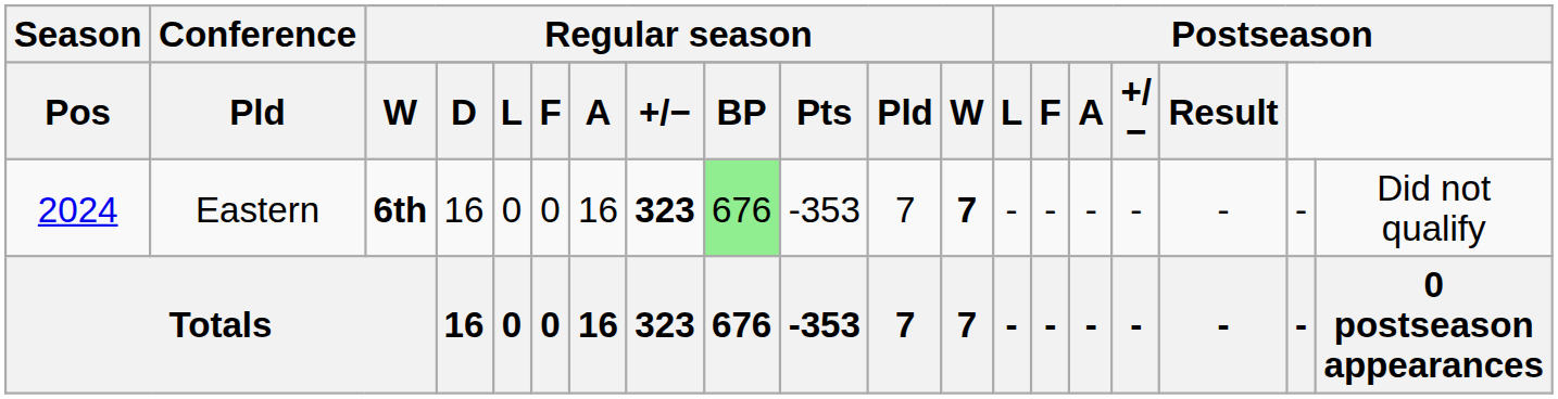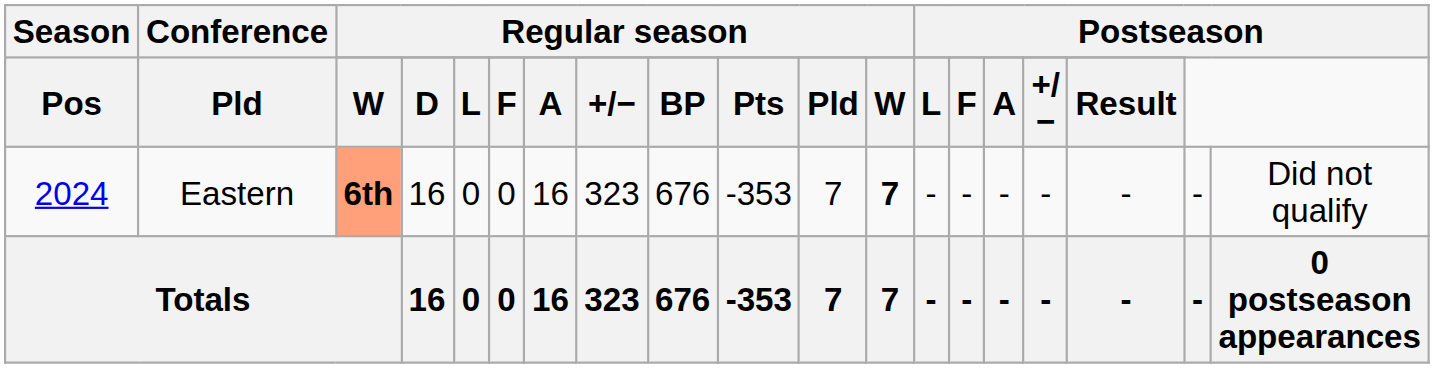 <table class="wikitable" style="text-align:center; font-size: 95%">
 <tr>
 <th rowspan="2">Season</th>
 <th rowspan="2">Conference</th>
 <th colspan="10">Regular season</th>
 <th colspan="8">Postseason</th>
 </tr>
 <tr {| class="wikitable" style="text-align:center;">
 </tr>
 <tr border=1 cellpadding=5 cellspacing=0>
 <th style="width:20px;">Pos</th>
 <th style="width:20px;">Pld</th>
 <th style="width:20px;">W</th>
 <th style="width:20px;">D</th>
 <th style="width:20px;">L</th>
 <th style="width:20px;">F</th>
 <th style="width:20px;">A</th>
 <th style="width:25px;">+/−</th>
 <th style="width:20px;">BP</th>
 <th style="width:20px;">Pts</th>
 <th style="width:20px;">Pld</th>
 <th style="width:20px;">W</th>
 <th style="width:20px;">L</th>
 <th style="width:20px;">F</th>
 <th style="width:20px;">A</th>
 <th style="width:25px;">+/−</th>
 <th style="width:30em; text-align:centre;">Result</th>
 </tr>
 <tr>
 <td><a href='#'>2024</a></td>
 <td>Eastern</td>
-<td><strong>6th</strong></td>
+<td style="background: lightsalmon;"><strong>6th</strong></td>
 <td>16</td>
 <td>0</td>
 <td>0</td>
 <td>16</td>
-<td><strong>323</strong></td>
-<td style="background: lightgreen;">676</td>
+<td>323</td>
+<td>676</td>
 <td>-353</td>
 <td>7</td>
 <td><strong>7</strong></td>
 <td>-</td>
 <td>-</td>
 <td>-</td>
 <td>-</td>
 <td>-</td>
 <td>-</td>
 <td>Did not qualify</td>
 </tr>
 <tr align="center">
 <th colspan="3">Totals</th>
 <th>16</th>
 <th>0</th>
 <th>0</th>
 <th>16</th>
 <th>323</th>
 <th>676</th>
 <th>-353</th>
 <th>7</th>
 <th>7</th>
 <th>-</th>
 <th>-</th>
 <th>-</th>
 <th>-</th>
 <th>-</th>
 <th>-</th>
 <th>0 postseason appearances</th>
 </tr>
 </table>
